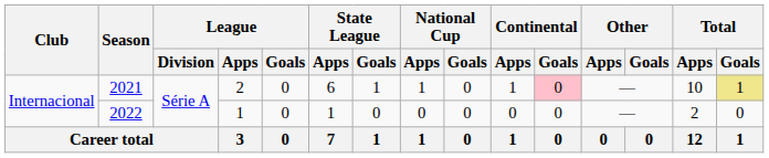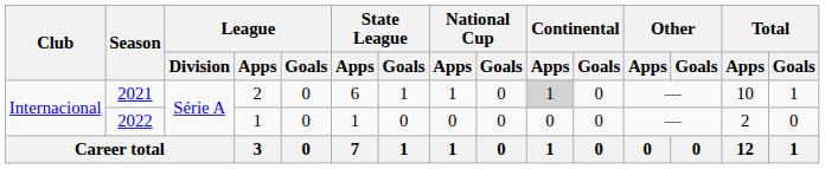 <table class="wikitable" style="text-align:center">
 <tr>
 <th rowspan="2">Club</th>
 <th rowspan="2">Season</th>
 <th colspan="3">League</th>
 <th colspan="2">State League</th>
 <th colspan="2">National Cup</th>
 <th colspan="2">Continental</th>
 <th colspan="2">Other</th>
 <th colspan="2">Total</th>
 </tr>
 <tr>
 <th>Division</th>
 <th>Apps</th>
 <th>Goals</th>
 <th>Apps</th>
 <th>Goals</th>
 <th>Apps</th>
 <th>Goals</th>
 <th>Apps</th>
 <th>Goals</th>
 <th>Apps</th>
 <th>Goals</th>
 <th>Apps</th>
 <th>Goals</th>
 </tr>
 <tr>
 <td rowspan="2"><a href='#'>Internacional</a></td>
 <td><a href='#'>2021</a></td>
 <td rowspan="2"><a href='#'>Série A</a></td>
 <td>2</td>
 <td>0</td>
 <td>6</td>
 <td>1</td>
 <td>1</td>
 <td>0</td>
-<td>1</td>
-<td style="background: pink;">0</td>
+<td style="background: lightgrey;">1</td>
+<td>0</td>
 <td colspan="2">—</td>
 <td>10</td>
-<td style="background: khaki;">1</td>
+<td>1</td>
 </tr>
 <tr>
 <td><a href='#'>2022</a></td>
 <td>1</td>
 <td>0</td>
 <td>1</td>
 <td>0</td>
 <td>0</td>
 <td>0</td>
 <td>0</td>
 <td>0</td>
 <td colspan="2">—</td>
 <td>2</td>
 <td>0</td>
 </tr>
 <tr>
 <th colspan="3">Career total</th>
 <th>3</th>
 <th>0</th>
 <th>7</th>
 <th>1</th>
 <th>1</th>
 <th>0</th>
 <th>1</th>
 <th>0</th>
 <th>0</th>
 <th>0</th>
 <th>12</th>
 <th>1</th>
 </tr>
 </table>
